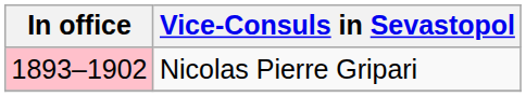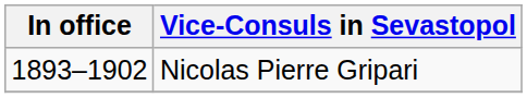 <table class="wikitable">
 <tr>
 <th>In office</th>
 <th><a href='#'>Vice-Consuls</a> in <a href='#'>Sevastopol</a></th>
 </tr>
 <tr>
-<td style="background: pink;">1893–1902</td>
+<td>1893–1902</td>
 <td>Nicolas Pierre Gripari</td>
 </tr>
 <tr>
 </tr>
 </table>
